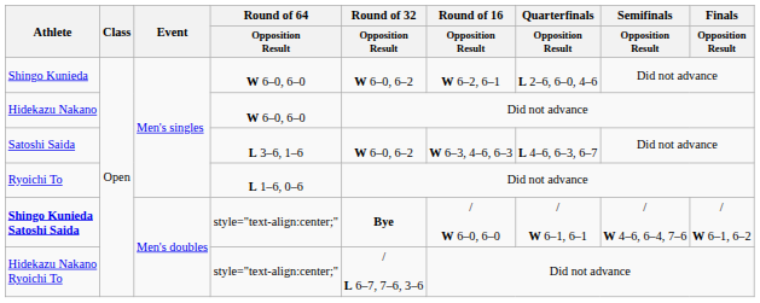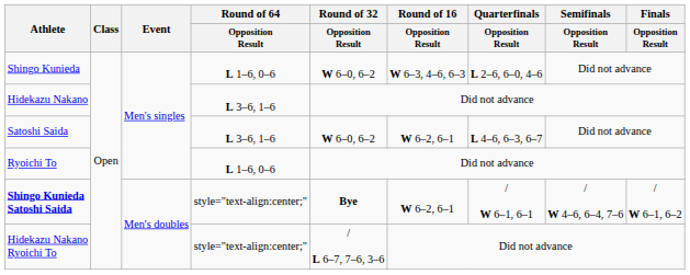 <table class=wikitable style="font-size:90%">
 <tr>
 <th rowspan="2">Athlete</th>
 <th rowspan="2">Class</th>
 <th rowspan="2">Event</th>
 <th>Round of 64</th>
 <th>Round of 32</th>
 <th>Round of 16</th>
 <th>Quarterfinals</th>
 <th>Semifinals</th>
 <th>Finals</th>
 </tr>
 <tr>
 <th style="line-height:1em"><small>Opposition<br>Result</small></th>
 <th style="line-height:1em"><small>Opposition<br>Result</small></th>
 <th style="line-height:1em"><small>Opposition<br>Result</small></th>
 <th style="line-height:1em"><small>Opposition<br>Result</small></th>
 <th style="line-height:1em"><small>Opposition<br>Result</small></th>
 <th style="line-height:1em"><small>Opposition<br>Result</small></th>
 </tr>
 <tr>
 <td><a href='#'>Shingo Kunieda</a></td>
 <td rowspan="6" style="text-align:center;">Open</td>
 <td rowspan="4"><a href='#'>Men's singles</a></td>
-<td style="text-align:center;"><br><strong>W</strong> 6–0, 6–0</td>
+<td style="text-align:center;"><br><strong>L</strong> 1–6, 0–6</td>
 <td style="text-align:center;"><br><strong>W</strong> 6–0, 6–2</td>
-<td style="text-align:center;"><br><strong>W</strong> 6–2, 6–1</td>
+<td style="text-align:center;"><br><strong>W</strong> 6–3, 4–6, 6–3</td>
 <td style="text-align:center;"><br><strong>L</strong> 2–6, 6–0, 4–6</td>
 <td style="text-align:center;" colspan="2">Did not advance</td>
 </tr>
 <tr>
 <td><a href='#'>Hidekazu Nakano</a></td>
-<td style="text-align:center;"><br><strong>W</strong> 6–0, 6–0</td>
+<td style="text-align:center;"><br><strong>L</strong> 3–6, 1–6</td>
 <td style="text-align:center;" colspan="5">Did not advance</td>
 </tr>
 <tr>
 <td><a href='#'>Satoshi Saida</a></td>
 <td style="text-align:center;"><br><strong>L</strong> 3–6, 1–6</td>
 <td style="text-align:center;"><br><strong>W</strong> 6–0, 6–2</td>
-<td style="text-align:center;"><br><strong>W</strong> 6–3, 4–6, 6–3</td>
+<td style="text-align:center;"><br><strong>W</strong> 6–2, 6–1</td>
 <td style="text-align:center;"><br><strong>L</strong> 4–6, 6–3, 6–7</td>
 <td style="text-align:center;" colspan="2">Did not advance</td>
 </tr>
 <tr>
 <td><a href='#'>Ryoichi To</a></td>
 <td style="text-align:center;"><br><strong>L</strong> 1–6, 0–6</td>
 <td style="text-align:center;" colspan="5">Did not advance</td>
 </tr>
 <tr>
 <td><strong><a href='#'>Shingo Kunieda</a></strong><br> <strong><a href='#'>Satoshi Saida</a></strong></td>
 <td rowspan="2"><a href='#'>Men's doubles</a></td>
 <td>style="text-align:center;" </td>
 <td style="text-align:center;"><strong>Bye</strong></td>
-<td style="text-align:center;"> / <br> <br><strong>W</strong> 6–0, 6–0</td>
+<td style="text-align:center;"><br><strong>W</strong> 6–2, 6–1</td>
 <td style="text-align:center;"> / <br> <br><strong>W</strong> 6–1, 6–1</td>
 <td style="text-align:center;"> / <br> <br><strong>W</strong> 4–6, 6–4, 7–6</td>
 <td style="text-align:center;"> / <br> <br><strong>W</strong> 6–1, 6–2 </td>
 </tr>
 <tr>
 <td><a href='#'>Hidekazu Nakano</a><br> <a href='#'>Ryoichi To</a></td>
 <td>style="text-align:center;" </td>
 <td style="text-align:center;"> / <br> <br><strong>L</strong> 6–7, 7–6, 3–6</td>
 <td style="text-align:center;" colspan="4">Did not advance</td>
 </tr>
 </table>
